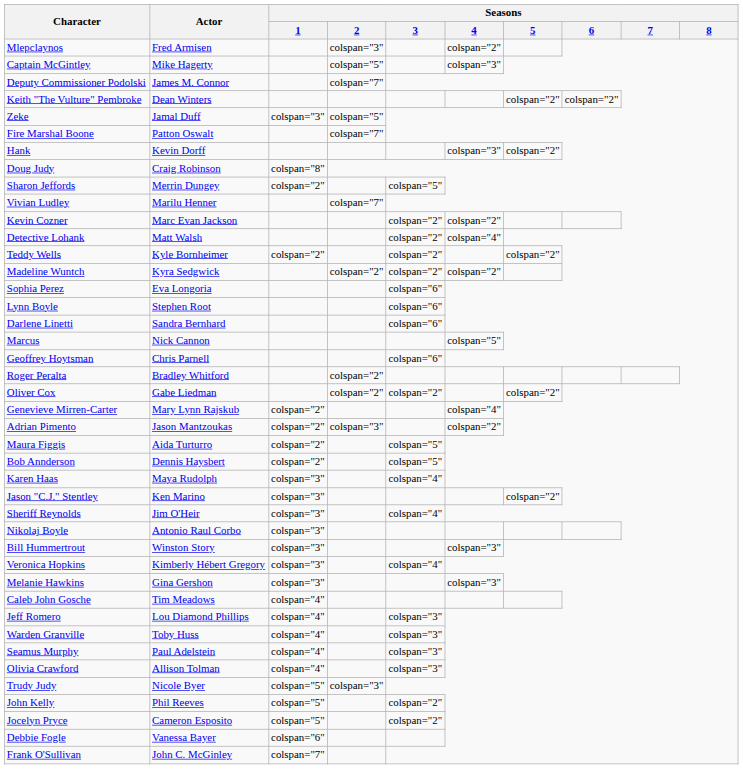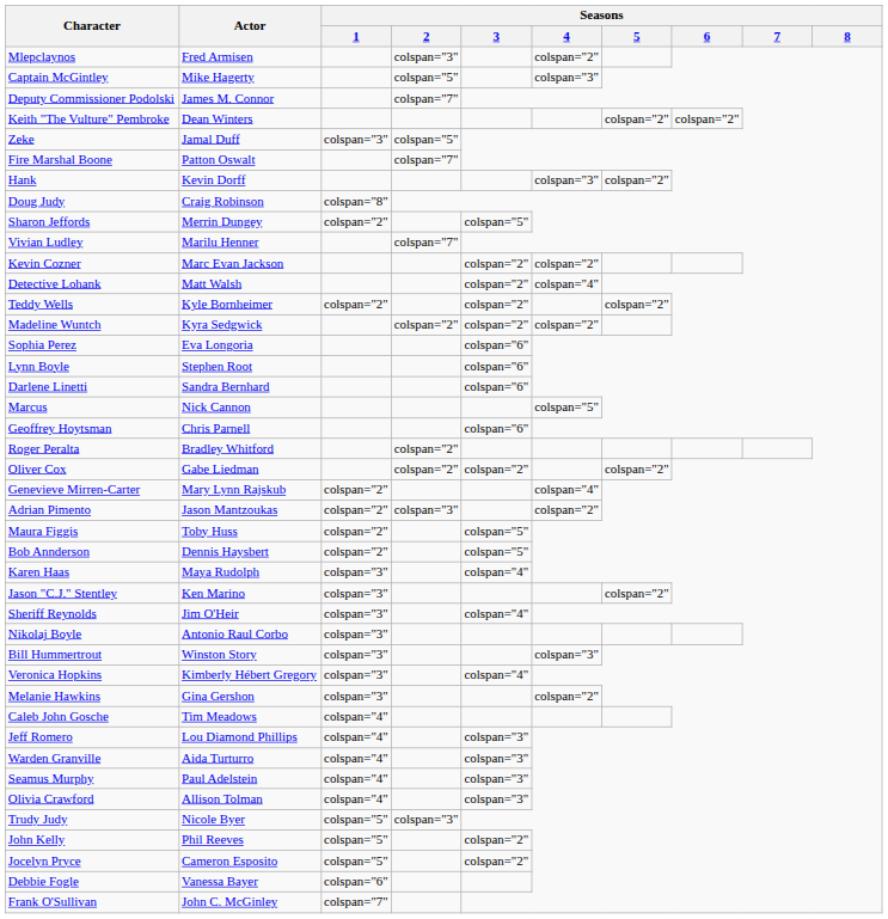 <table class="wikitable">
 <tr>
 <th rowspan="2">Character</th>
 <th rowspan="2">Actor</th>
 <th colspan="8">Seasons</th>
 </tr>
 <tr>
 <th style="width: 8%;"><a href='#'>1</a></th>
 <th style="width: 8%;"><a href='#'>2</a></th>
 <th style="width: 8%;"><a href='#'>3</a></th>
 <th style="width: 8%;"><a href='#'>4</a></th>
 <th style="width: 8%;"><a href='#'>5</a></th>
 <th style="width: 8%;"><a href='#'>6</a></th>
 <th style="width: 8%;"><a href='#'>7</a></th>
 <th style="width: 8%;"><a href='#'>8</a></th>
 </tr>
 <tr>
 <td><a href='#'>Mlepclaynos</a></td>
 <td><a href='#'>Fred Armisen</a></td>
 <td></td>
 <td>colspan="3" </td>
 <td></td>
 <td>colspan="2" </td>
 <td></td>
 </tr>
 <tr>
 <td><a href='#'>Captain McGintley</a></td>
 <td><a href='#'>Mike Hagerty</a></td>
 <td></td>
 <td>colspan="5" </td>
 <td></td>
 <td>colspan="3" </td>
 </tr>
 <tr>
 <td><a href='#'>Deputy Commissioner Podolski</a></td>
 <td><a href='#'>James M. Connor</a></td>
 <td></td>
 <td>colspan="7" </td>
 </tr>
 <tr>
 <td><a href='#'>Keith "The Vulture" Pembroke</a></td>
 <td><a href='#'>Dean Winters</a></td>
 <td></td>
 <td></td>
 <td></td>
 <td></td>
 <td>colspan="2" </td>
 <td>colspan="2" </td>
 </tr>
 <tr>
 <td><a href='#'>Zeke</a></td>
 <td><a href='#'>Jamal Duff</a></td>
 <td>colspan="3" </td>
 <td>colspan="5" </td>
 </tr>
 <tr>
 <td><a href='#'>Fire Marshal Boone</a></td>
 <td><a href='#'>Patton Oswalt</a></td>
 <td></td>
 <td>colspan="7" </td>
 </tr>
 <tr>
 <td><a href='#'>Hank</a></td>
 <td><a href='#'>Kevin Dorff</a></td>
 <td></td>
 <td></td>
 <td></td>
 <td>colspan="3" </td>
 <td>colspan="2" </td>
 </tr>
 <tr>
 <td><a href='#'>Doug Judy</a></td>
 <td><a href='#'>Craig Robinson</a></td>
 <td>colspan="8" </td>
 </tr>
 <tr>
 <td><a href='#'>Sharon Jeffords</a></td>
 <td><a href='#'>Merrin Dungey</a></td>
 <td>colspan="2" </td>
 <td></td>
 <td>colspan="5" </td>
 </tr>
 <tr>
 <td><a href='#'>Vivian Ludley</a></td>
 <td><a href='#'>Marilu Henner</a></td>
 <td></td>
 <td>colspan="7" </td>
 </tr>
 <tr>
 <td><a href='#'>Kevin Cozner</a></td>
 <td><a href='#'>Marc Evan Jackson</a></td>
 <td></td>
 <td></td>
 <td>colspan="2" </td>
 <td>colspan="2" </td>
 <td></td>
 <td></td>
 </tr>
 <tr>
 <td><a href='#'>Detective Lohank</a></td>
 <td><a href='#'>Matt Walsh</a></td>
 <td></td>
 <td></td>
 <td>colspan="2" </td>
 <td>colspan="4" </td>
 </tr>
 <tr>
 <td><a href='#'>Teddy Wells</a></td>
 <td><a href='#'>Kyle Bornheimer</a></td>
 <td>colspan="2" </td>
 <td></td>
 <td>colspan="2" </td>
 <td></td>
 <td>colspan="2" </td>
 </tr>
 <tr>
 <td><a href='#'>Madeline Wuntch</a></td>
 <td><a href='#'>Kyra Sedgwick</a></td>
 <td></td>
 <td>colspan="2" </td>
 <td>colspan="2" </td>
 <td>colspan="2" </td>
 <td></td>
 </tr>
 <tr>
 <td><a href='#'>Sophia Perez</a></td>
 <td><a href='#'>Eva Longoria</a></td>
 <td></td>
 <td></td>
 <td>colspan="6" </td>
 </tr>
 <tr>
 <td><a href='#'>Lynn Boyle</a></td>
 <td><a href='#'>Stephen Root</a></td>
 <td></td>
 <td></td>
 <td>colspan="6" </td>
 </tr>
 <tr>
 <td><a href='#'>Darlene Linetti</a></td>
 <td><a href='#'>Sandra Bernhard</a></td>
 <td></td>
 <td></td>
 <td>colspan="6" </td>
 </tr>
 <tr>
 <td><a href='#'>Marcus</a></td>
 <td><a href='#'>Nick Cannon</a></td>
 <td></td>
 <td></td>
 <td></td>
 <td>colspan="5" </td>
 </tr>
 <tr>
 <td><a href='#'>Geoffrey Hoytsman</a></td>
 <td><a href='#'>Chris Parnell</a></td>
 <td></td>
 <td></td>
 <td>colspan="6" </td>
 </tr>
 <tr>
 <td><a href='#'>Roger Peralta</a></td>
 <td><a href='#'>Bradley Whitford</a></td>
 <td></td>
 <td>colspan="2" </td>
 <td></td>
 <td></td>
 <td></td>
 <td></td>
 <td></td>
 </tr>
 <tr>
 <td><a href='#'>Oliver Cox</a></td>
 <td><a href='#'>Gabe Liedman</a></td>
 <td></td>
 <td>colspan="2" </td>
 <td>colspan="2" </td>
 <td></td>
 <td>colspan="2" </td>
 </tr>
 <tr>
 <td><a href='#'>Genevieve Mirren-Carter</a></td>
 <td><a href='#'>Mary Lynn Rajskub</a></td>
 <td>colspan="2" </td>
 <td></td>
 <td></td>
 <td>colspan="4" </td>
 </tr>
 <tr>
 <td><a href='#'>Adrian Pimento</a></td>
 <td><a href='#'>Jason Mantzoukas</a></td>
 <td>colspan="2" </td>
 <td>colspan="3" </td>
 <td></td>
 <td>colspan="2" </td>
 </tr>
 <tr>
 <td><a href='#'>Maura Figgis</a></td>
-<td><a href='#'>Aida Turturro</a></td>
+<td><a href='#'>Toby Huss</a></td>
 <td>colspan="2" </td>
 <td></td>
 <td>colspan="5" </td>
 </tr>
 <tr>
 <td><a href='#'>Bob Annderson</a></td>
 <td><a href='#'>Dennis Haysbert</a></td>
 <td>colspan="2" </td>
 <td></td>
 <td>colspan="5" </td>
 </tr>
 <tr>
 <td><a href='#'>Karen Haas</a></td>
 <td><a href='#'>Maya Rudolph</a></td>
 <td>colspan="3" </td>
 <td></td>
 <td>colspan="4" </td>
 </tr>
 <tr>
 <td><a href='#'>Jason "C.J." Stentley</a></td>
 <td><a href='#'>Ken Marino</a></td>
 <td>colspan="3" </td>
 <td></td>
 <td></td>
 <td></td>
 <td>colspan="2" </td>
 </tr>
 <tr>
 <td><a href='#'>Sheriff Reynolds</a></td>
 <td><a href='#'>Jim O'Heir</a></td>
 <td>colspan="3" </td>
 <td></td>
 <td>colspan="4" </td>
 </tr>
 <tr>
 <td><a href='#'>Nikolaj Boyle</a></td>
 <td><a href='#'>Antonio Raul Corbo</a></td>
 <td>colspan="3" </td>
 <td></td>
 <td></td>
 <td></td>
 <td></td>
 <td></td>
 </tr>
 <tr>
 <td><a href='#'>Bill Hummertrout</a></td>
 <td><a href='#'>Winston Story</a></td>
 <td>colspan="3" </td>
 <td></td>
 <td></td>
 <td>colspan="3" </td>
 </tr>
 <tr>
 <td><a href='#'>Veronica Hopkins</a></td>
 <td><a href='#'>Kimberly Hébert Gregory</a></td>
 <td>colspan="3" </td>
 <td></td>
 <td>colspan="4" </td>
 </tr>
 <tr>
 <td><a href='#'>Melanie Hawkins</a></td>
 <td><a href='#'>Gina Gershon</a></td>
 <td>colspan="3" </td>
 <td></td>
 <td></td>
-<td>colspan="3" </td>
+<td>colspan="2" </td>
 </tr>
 <tr>
 <td><a href='#'>Caleb John Gosche</a></td>
 <td><a href='#'>Tim Meadows</a></td>
 <td>colspan="4" </td>
 <td></td>
 <td></td>
 <td></td>
 <td></td>
 </tr>
 <tr>
 <td><a href='#'>Jeff Romero</a></td>
 <td><a href='#'>Lou Diamond Phillips</a></td>
 <td>colspan="4" </td>
 <td></td>
 <td>colspan="3" </td>
 </tr>
 <tr>
 <td><a href='#'>Warden Granville</a></td>
-<td><a href='#'>Toby Huss</a></td>
+<td><a href='#'>Aida Turturro</a></td>
 <td>colspan="4" </td>
 <td></td>
 <td>colspan="3" </td>
 </tr>
 <tr>
 <td><a href='#'>Seamus Murphy</a></td>
 <td><a href='#'>Paul Adelstein</a></td>
 <td>colspan="4" </td>
 <td></td>
 <td>colspan="3" </td>
 </tr>
 <tr>
 <td><a href='#'>Olivia Crawford</a></td>
 <td><a href='#'>Allison Tolman</a></td>
 <td>colspan="4" </td>
 <td></td>
 <td>colspan="3" </td>
 </tr>
 <tr>
 <td><a href='#'>Trudy Judy</a></td>
 <td><a href='#'>Nicole Byer</a></td>
 <td>colspan="5" </td>
 <td>colspan="3" </td>
 </tr>
 <tr>
 <td><a href='#'>John Kelly</a></td>
 <td><a href='#'>Phil Reeves</a></td>
 <td>colspan="5" </td>
 <td></td>
 <td>colspan="2" </td>
 </tr>
 <tr>
 <td><a href='#'>Jocelyn Pryce</a></td>
 <td><a href='#'>Cameron Esposito</a></td>
 <td>colspan="5" </td>
 <td></td>
 <td>colspan="2" </td>
 </tr>
 <tr>
 <td><a href='#'>Debbie Fogle</a></td>
 <td><a href='#'>Vanessa Bayer</a></td>
 <td>colspan="6" </td>
 <td></td>
 <td></td>
 </tr>
 <tr>
 <td><a href='#'>Frank O'Sullivan</a></td>
 <td><a href='#'>John C. McGinley</a></td>
 <td>colspan="7" </td>
 <td></td>
 </tr>
 </table>
